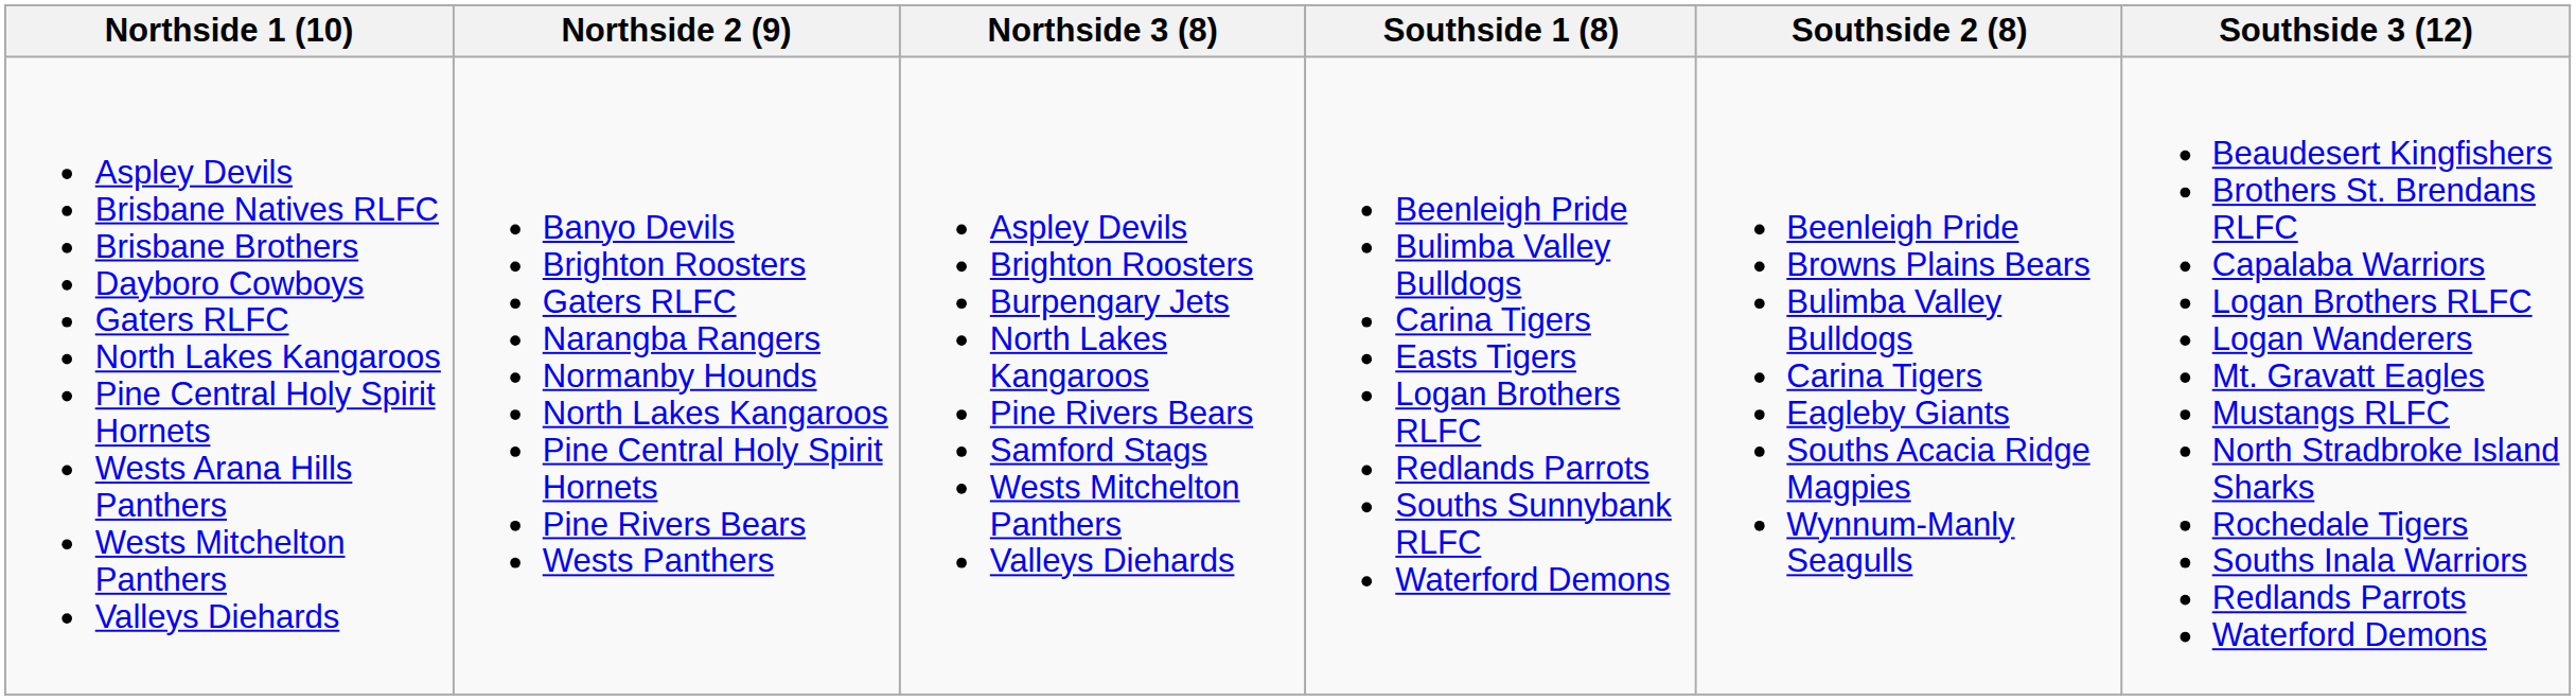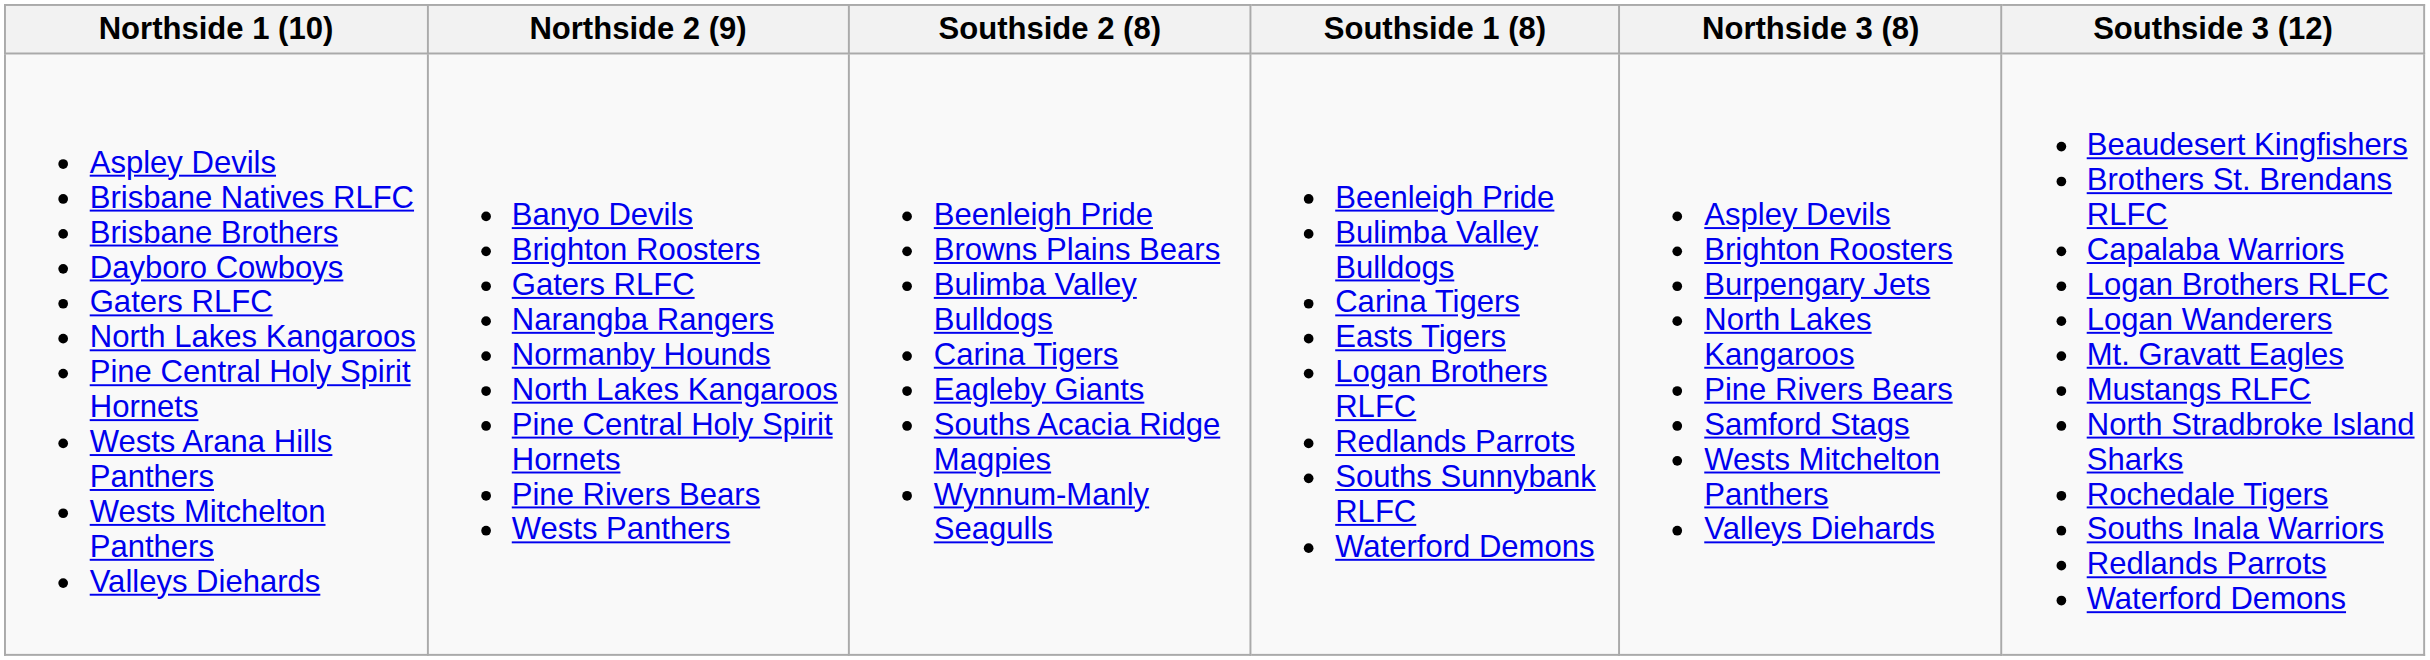 <table class="wikitable">
 <tr>
 <th>Northside 1 (10)</th>
 <th>Northside 2 (9)</th>
+<th>Southside 2 (8)</th>
+<th>Southside 1 (8)</th>
 <th>Northside 3 (8)</th>
-<th>Southside 1 (8)</th>
-<th>Southside 2 (8)</th>
 <th>Southside 3 (12)</th>
 </tr>
 <tr>
 <td><br><ul><li><a href='#'>Aspley Devils</a></li><li><a href='#'>Brisbane Natives RLFC</a></li><li><a href='#'>Brisbane Brothers</a></li><li><a href='#'>Dayboro Cowboys</a></li><li><a href='#'>Gaters RLFC</a></li><li><a href='#'>North Lakes Kangaroos</a></li><li><a href='#'>Pine Central Holy Spirit Hornets</a></li><li><a href='#'>Wests Arana Hills Panthers</a></li><li><a href='#'>Wests Mitchelton Panthers</a></li><li><a href='#'>Valleys Diehards</a></li></ul></td>
 <td><br><ul><li><a href='#'>Banyo Devils</a></li><li><a href='#'>Brighton Roosters</a></li><li><a href='#'>Gaters RLFC</a></li><li><a href='#'>Narangba Rangers</a></li><li><a href='#'>Normanby Hounds</a></li><li><a href='#'>North Lakes Kangaroos</a></li><li><a href='#'>Pine Central Holy Spirit Hornets</a></li><li><a href='#'>Pine Rivers Bears</a></li><li><a href='#'>Wests Panthers</a></li></ul></td>
+<td><br><ul><li><a href='#'>Beenleigh Pride</a></li><li><a href='#'>Browns Plains Bears</a></li><li><a href='#'>Bulimba Valley Bulldogs</a></li><li><a href='#'>Carina Tigers</a></li><li><a href='#'>Eagleby Giants</a></li><li><a href='#'>Souths Acacia Ridge Magpies</a></li><li><a href='#'>Wynnum-Manly Seagulls</a></li></ul></td>
+<td><br><ul><li><a href='#'>Beenleigh Pride</a></li><li><a href='#'>Bulimba Valley Bulldogs</a></li><li><a href='#'>Carina Tigers</a></li><li><a href='#'>Easts Tigers</a></li><li><a href='#'>Logan Brothers RLFC</a></li><li><a href='#'>Redlands Parrots</a></li><li><a href='#'>Souths Sunnybank RLFC</a></li><li><a href='#'>Waterford Demons</a></li></ul></td>
 <td><br><ul><li><a href='#'>Aspley Devils</a></li><li><a href='#'>Brighton Roosters</a></li><li><a href='#'>Burpengary Jets</a></li><li><a href='#'>North Lakes Kangaroos</a></li><li><a href='#'>Pine Rivers Bears</a></li><li><a href='#'>Samford Stags</a></li><li><a href='#'>Wests Mitchelton Panthers</a></li><li><a href='#'>Valleys Diehards</a></li></ul></td>
-<td><br><ul><li><a href='#'>Beenleigh Pride</a></li><li><a href='#'>Bulimba Valley Bulldogs</a></li><li><a href='#'>Carina Tigers</a></li><li><a href='#'>Easts Tigers</a></li><li><a href='#'>Logan Brothers RLFC</a></li><li><a href='#'>Redlands Parrots</a></li><li><a href='#'>Souths Sunnybank RLFC</a></li><li><a href='#'>Waterford Demons</a></li></ul></td>
-<td><br><ul><li><a href='#'>Beenleigh Pride</a></li><li><a href='#'>Browns Plains Bears</a></li><li><a href='#'>Bulimba Valley Bulldogs</a></li><li><a href='#'>Carina Tigers</a></li><li><a href='#'>Eagleby Giants</a></li><li><a href='#'>Souths Acacia Ridge Magpies</a></li><li><a href='#'>Wynnum-Manly Seagulls</a></li></ul></td>
 <td><br><ul><li><a href='#'>Beaudesert Kingfishers</a></li><li><a href='#'>Brothers St. Brendans RLFC</a></li><li><a href='#'>Capalaba Warriors</a></li><li><a href='#'>Logan Brothers RLFC</a></li><li><a href='#'>Logan Wanderers</a></li><li><a href='#'>Mt. Gravatt Eagles</a></li><li><a href='#'>Mustangs RLFC</a></li><li><a href='#'>North Stradbroke Island Sharks</a></li><li><a href='#'>Rochedale Tigers</a></li><li><a href='#'>Souths Inala Warriors</a></li><li><a href='#'>Redlands Parrots</a></li><li><a href='#'>Waterford Demons</a></li></ul></td>
 </tr>
 </table>
